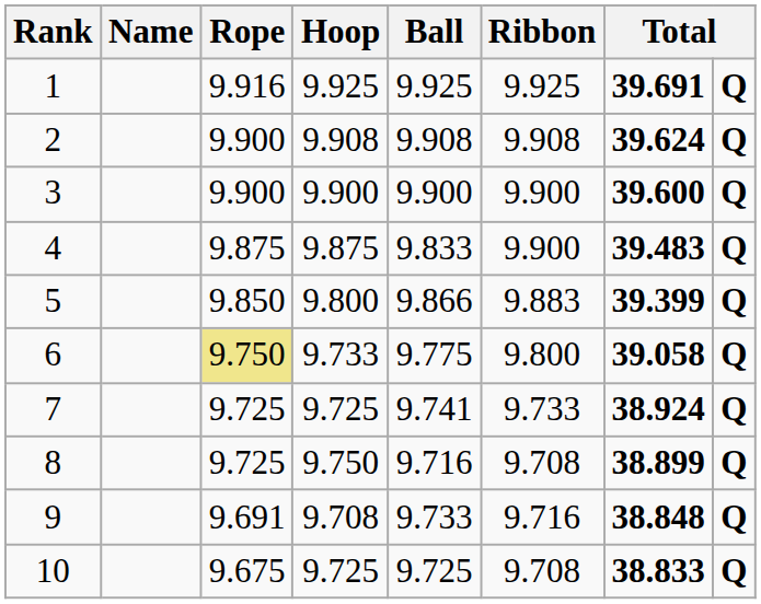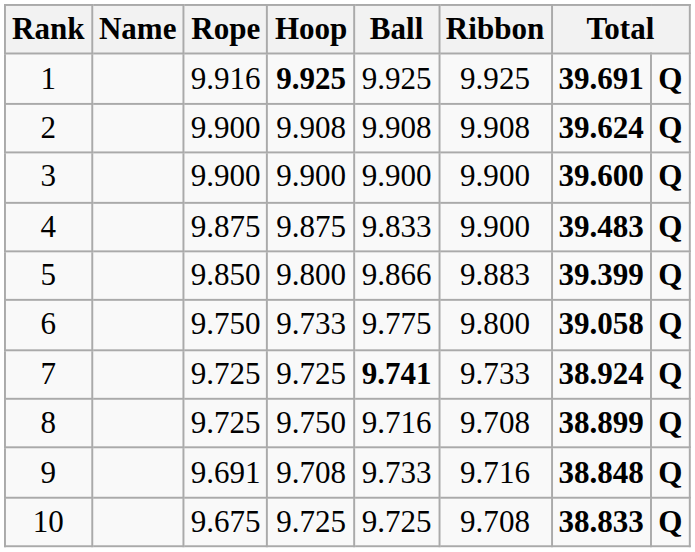 <table class="wikitable" style="text-align:center">
 <tr>
 <th>Rank</th>
 <th>Name</th>
 <th>Rope</th>
 <th>Hoop</th>
 <th>Ball</th>
 <th>Ribbon</th>
 <th colspan=2>Total</th>
 </tr>
 <tr>
 <td>1</td>
 <td align=left></td>
 <td>9.916</td>
-<td>9.925</td>
+<td><strong>9.925</strong></td>
 <td>9.925</td>
 <td>9.925</td>
 <td><strong>39.691</strong></td>
 <td><strong>Q</strong></td>
 </tr>
 <tr>
 <td>2</td>
 <td align=left></td>
 <td>9.900</td>
 <td>9.908</td>
 <td>9.908</td>
 <td>9.908</td>
 <td><strong>39.624</strong></td>
 <td><strong>Q</strong></td>
 </tr>
 <tr>
 <td>3</td>
 <td align=left></td>
 <td>9.900</td>
 <td>9.900</td>
 <td>9.900</td>
 <td>9.900</td>
 <td><strong>39.600</strong></td>
 <td><strong>Q</strong></td>
 </tr>
 <tr>
 <td>4</td>
 <td align=left></td>
 <td>9.875</td>
 <td>9.875</td>
 <td>9.833</td>
 <td>9.900</td>
 <td><strong>39.483</strong></td>
 <td><strong>Q</strong></td>
 </tr>
 <tr>
 <td>5</td>
 <td align=left></td>
 <td>9.850</td>
 <td>9.800</td>
 <td>9.866</td>
 <td>9.883</td>
 <td><strong>39.399</strong></td>
 <td><strong>Q</strong></td>
 </tr>
 <tr>
 <td>6</td>
 <td align=left></td>
-<td style="background: khaki;">9.750</td>
+<td>9.750</td>
 <td>9.733</td>
 <td>9.775</td>
 <td>9.800</td>
 <td><strong>39.058</strong></td>
 <td><strong>Q</strong></td>
 </tr>
 <tr>
 <td>7</td>
 <td align=left></td>
 <td>9.725</td>
 <td>9.725</td>
-<td>9.741</td>
+<td><strong>9.741</strong></td>
 <td>9.733</td>
 <td><strong>38.924</strong></td>
 <td><strong>Q</strong></td>
 </tr>
 <tr>
 <td>8</td>
 <td align=left></td>
 <td>9.725</td>
 <td>9.750</td>
 <td>9.716</td>
 <td>9.708</td>
 <td><strong>38.899</strong></td>
 <td><strong>Q</strong></td>
 </tr>
 <tr>
 <td>9</td>
 <td align=left></td>
 <td>9.691</td>
 <td>9.708</td>
 <td>9.733</td>
 <td>9.716</td>
 <td><strong>38.848</strong></td>
 <td><strong>Q</strong></td>
 </tr>
 <tr>
 <td>10</td>
 <td align=left></td>
 <td>9.675</td>
 <td>9.725</td>
 <td>9.725</td>
 <td>9.708</td>
 <td><strong>38.833</strong></td>
 <td><strong>Q</strong></td>
 </tr>
 </table>
